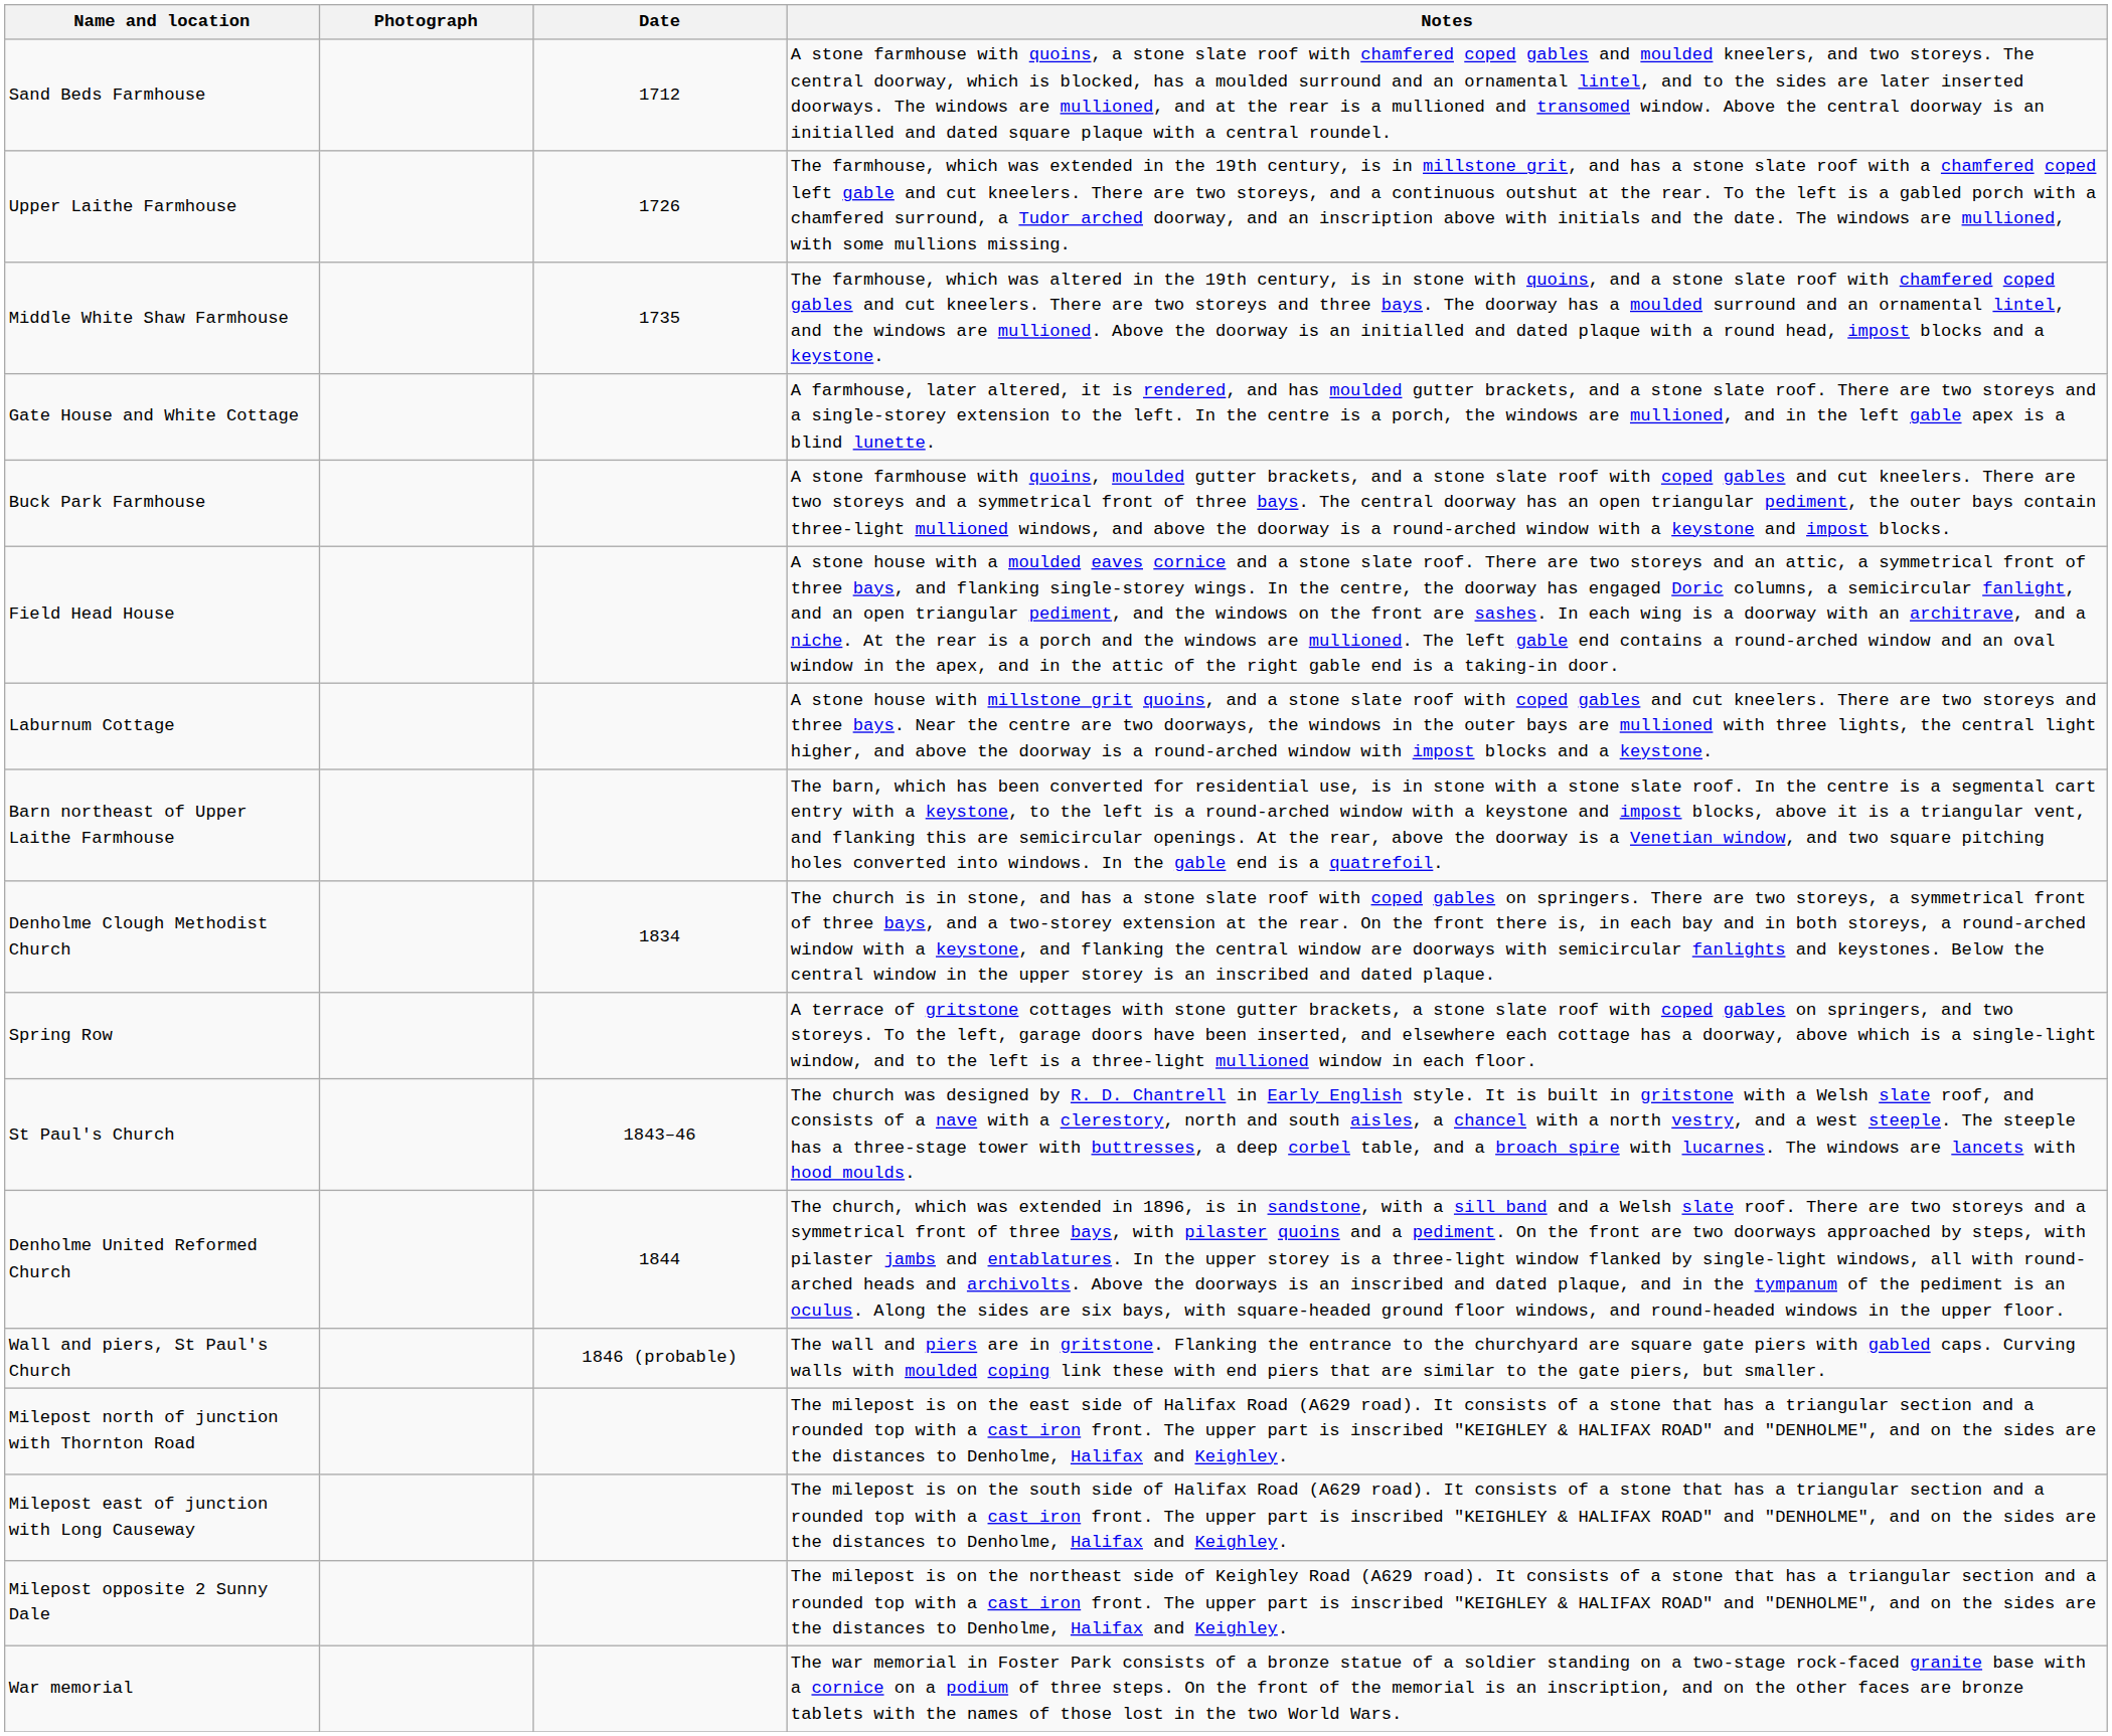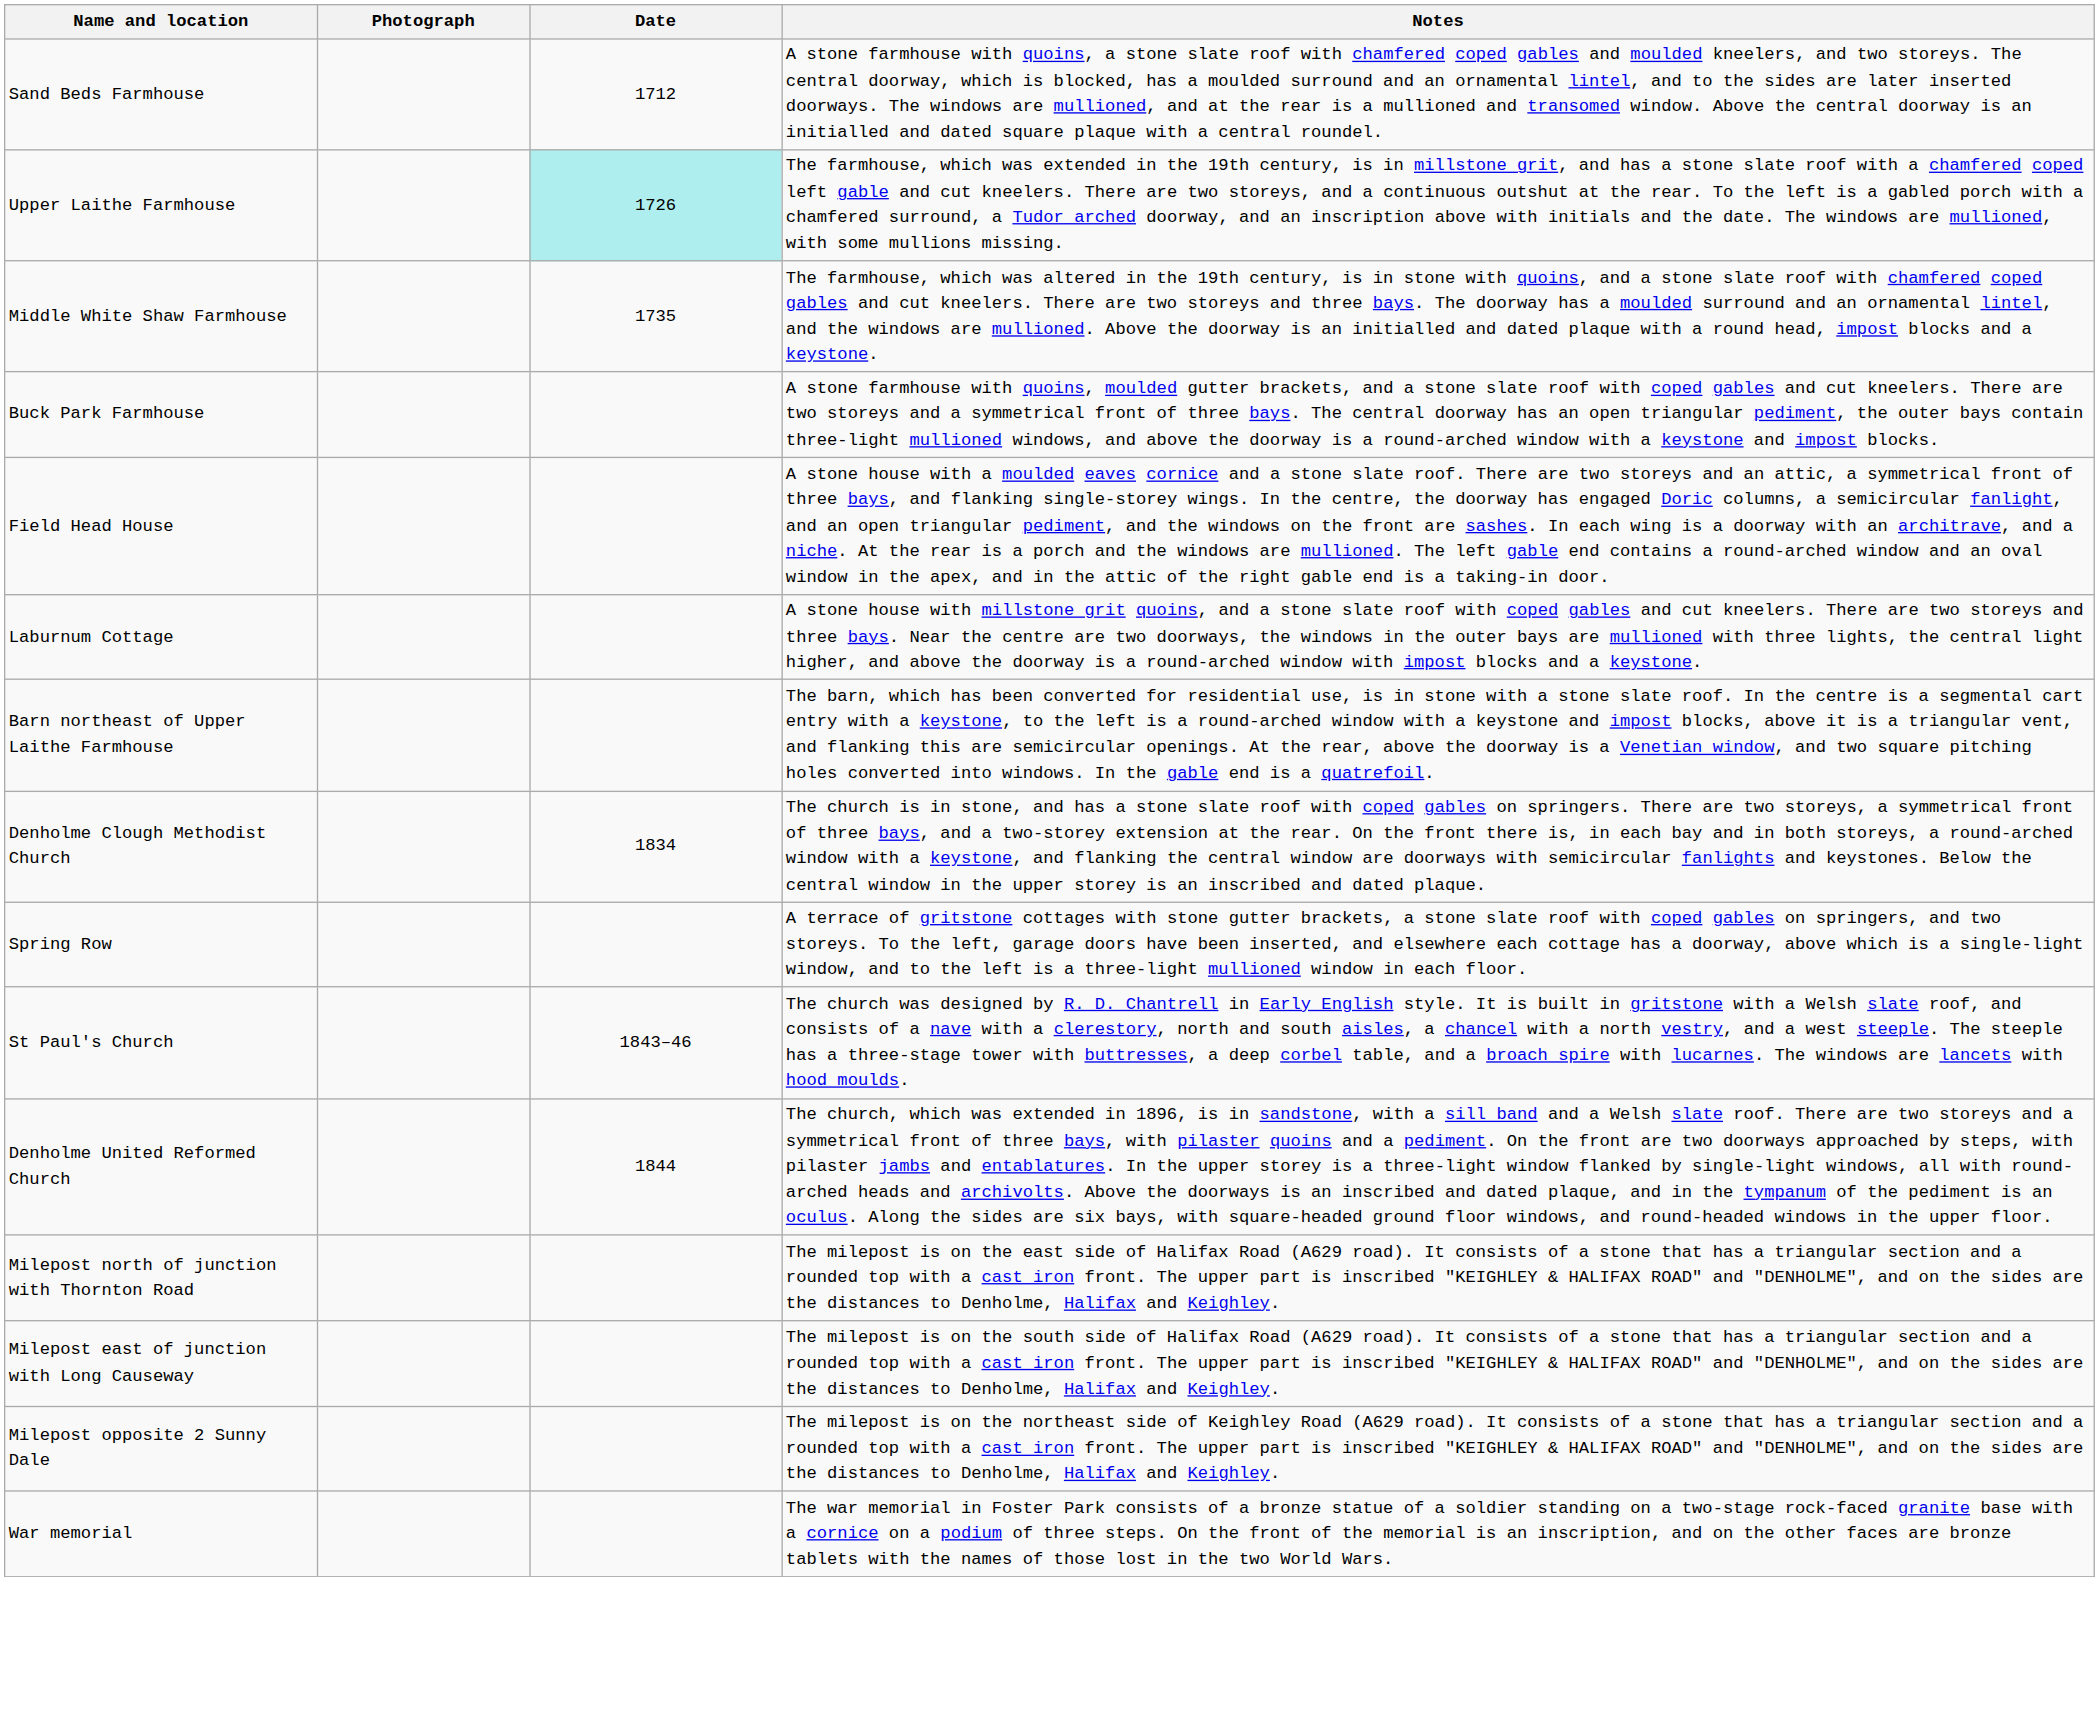 <table class="wikitable sortable plainrowheaders" style="width:100%;border:0px;text-align:left;line-height:150%;">
 <tr>
 <th scope="col"  style="width:150px">Name and location</th>
 <th scope="col"  style="width:100px" class="unsortable">Photograph</th>
 <th scope="col"  style="width:120px">Date</th>
 <th scope="col"  style="width:650px" class="unsortable">Notes</th>
 </tr>
 <tr>
 <td>Sand Beds Farmhouse<br><small></small></td>
 <td></td>
 <td align="center">1712</td>
 <td>A stone farmhouse with <a href='#'>quoins</a>, a stone slate roof with <a href='#'>chamfered</a> <a href='#'>coped</a> <a href='#'>gables</a> and <a href='#'>moulded</a> kneelers, and two storeys.  The central doorway, which is blocked, has a moulded surround and an ornamental <a href='#'>lintel</a>, and to the sides are later inserted doorways.  The windows are <a href='#'>mullioned</a>, and at the rear is a mullioned and <a href='#'>transomed</a> window.  Above the central doorway is an initialled and dated square plaque with a central roundel.</td>
 </tr>
 <tr>
 <td>Upper Laithe Farmhouse<br><small></small></td>
 <td></td>
-<td align="center">1726</td>
+<td align="center" style="background: paleturquoise;">1726</td>
 <td>The farmhouse, which was extended in the 19th century, is in <a href='#'>millstone grit</a>, and has a stone slate roof with a <a href='#'>chamfered</a> <a href='#'>coped</a> left <a href='#'>gable</a> and cut kneelers.  There are two storeys, and a continuous outshut at the rear.  To the left is a gabled porch with a chamfered surround, a <a href='#'>Tudor arched</a> doorway, and an inscription above with initials and the date.  The windows are <a href='#'>mullioned</a>, with some mullions missing.</td>
 </tr>
 <tr>
 <td>Middle White Shaw Farmhouse<br><small></small></td>
 <td></td>
 <td align="center">1735</td>
 <td>The farmhouse, which was altered in the 19th century, is in stone with <a href='#'>quoins</a>, and a stone slate roof with <a href='#'>chamfered</a> <a href='#'>coped</a> <a href='#'>gables</a> and cut kneelers.  There are two storeys and three <a href='#'>bays</a>.  The doorway has a <a href='#'>moulded</a> surround and an ornamental <a href='#'>lintel</a>, and the windows are <a href='#'>mullioned</a>.  Above the doorway is an initialled and dated plaque with a round head, <a href='#'>impost</a> blocks and a <a href='#'>keystone</a>.</td>
-</tr>
-<tr>
-<td>Gate House and White Cottage<br><small></small></td>
-<td></td>
-<td align="center"></td>
-<td>A farmhouse, later altered, it is <a href='#'>rendered</a>, and has <a href='#'>moulded</a> gutter brackets, and a stone slate roof.  There are two storeys and a single-storey extension to the left.  In the centre is a porch, the windows are <a href='#'>mullioned</a>, and in the left <a href='#'>gable</a> apex is a blind <a href='#'>lunette</a>.</td>
 </tr>
 <tr>
 <td>Buck Park Farmhouse<br><small></small></td>
 <td></td>
 <td align="center"></td>
 <td>A stone farmhouse with <a href='#'>quoins</a>, <a href='#'>moulded</a> gutter brackets, and a stone slate roof with <a href='#'>coped</a> <a href='#'>gables</a> and cut kneelers.  There are two storeys and a symmetrical front of three <a href='#'>bays</a>.  The central doorway has an open triangular <a href='#'>pediment</a>, the outer bays contain three-light <a href='#'>mullioned</a> windows, and above the doorway is a round-arched window with a <a href='#'>keystone</a> and <a href='#'>impost</a> blocks.</td>
 </tr>
 <tr>
 <td>Field Head House<br><small></small></td>
 <td></td>
 <td align="center"></td>
 <td>A stone house with a <a href='#'>moulded</a> <a href='#'>eaves</a> <a href='#'>cornice</a> and a stone slate roof.  There are two storeys and an attic, a symmetrical front of three <a href='#'>bays</a>, and flanking single-storey wings.  In the centre, the doorway has engaged <a href='#'>Doric</a> columns, a semicircular <a href='#'>fanlight</a>, and an open triangular <a href='#'>pediment</a>, and the windows on the front are <a href='#'>sashes</a>.  In each wing is a doorway with an <a href='#'>architrave</a>, and a <a href='#'>niche</a>.  At the rear is a porch and the windows are <a href='#'>mullioned</a>.  The left <a href='#'>gable</a> end contains a round-arched window and an oval window in the apex, and in the attic of the right gable end is a taking-in door.</td>
 </tr>
 <tr>
 <td>Laburnum Cottage<br><small></small></td>
 <td></td>
 <td align="center"></td>
 <td>A stone house with <a href='#'>millstone grit</a> <a href='#'>quoins</a>, and a stone slate roof with <a href='#'>coped</a> <a href='#'>gables</a> and cut kneelers.  There are two storeys and three <a href='#'>bays</a>.  Near the centre are two doorways, the windows in the outer bays are <a href='#'>mullioned</a> with three lights, the central light higher, and above the doorway is a round-arched window with <a href='#'>impost</a> blocks and a <a href='#'>keystone</a>.</td>
 </tr>
 <tr>
 <td>Barn northeast of Upper Laithe Farmhouse<br><small></small></td>
 <td></td>
 <td align="center"></td>
 <td>The barn, which has been converted for residential use, is in stone with a stone slate roof.  In the centre is a segmental cart entry with a <a href='#'>keystone</a>, to the left is a round-arched window with a keystone and <a href='#'>impost</a> blocks, above it is a triangular vent, and flanking this are semicircular openings.  At the rear, above the doorway is a <a href='#'>Venetian window</a>, and two square pitching holes converted into windows.  In the <a href='#'>gable</a> end is a <a href='#'>quatrefoil</a>.</td>
 </tr>
 <tr>
 <td>Denholme Clough Methodist Church<br><small></small></td>
 <td></td>
 <td align="center">1834</td>
 <td>The church is in stone, and has a stone slate roof with <a href='#'>coped</a> <a href='#'>gables</a> on springers.  There are two storeys, a symmetrical front of three <a href='#'>bays</a>, and a two-storey extension at the rear.  On the front there is, in each bay and in both storeys, a round-arched window with a <a href='#'>keystone</a>, and flanking the central window are doorways with semicircular <a href='#'>fanlights</a> and keystones.  Below the central window in the upper storey is an inscribed and dated plaque.</td>
 </tr>
 <tr>
 <td>Spring Row<br><small></small></td>
 <td></td>
 <td align="center"></td>
 <td>A terrace of <a href='#'>gritstone</a> cottages with stone gutter brackets, a stone slate roof with <a href='#'>coped</a> <a href='#'>gables</a> on springers, and two storeys.  To the left, garage doors have been inserted, and elsewhere each cottage has a doorway, above which is a single-light window, and to the left is a three-light <a href='#'>mullioned</a> window in each floor.</td>
 </tr>
 <tr>
 <td>St Paul's Church<br><small></small></td>
 <td></td>
 <td align="center">1843–46</td>
 <td>The church was designed by <a href='#'>R. D. Chantrell</a> in <a href='#'>Early English</a> style.  It is built in <a href='#'>gritstone</a> with a Welsh <a href='#'>slate</a> roof, and consists of a <a href='#'>nave</a> with a <a href='#'>clerestory</a>, north and south <a href='#'>aisles</a>, a <a href='#'>chancel</a> with a north <a href='#'>vestry</a>, and a west <a href='#'>steeple</a>.  The steeple has a three-stage tower with <a href='#'>buttresses</a>, a deep <a href='#'>corbel</a> table, and a <a href='#'>broach spire</a> with <a href='#'>lucarnes</a>.  The windows are <a href='#'>lancets</a> with <a href='#'>hood moulds</a>.</td>
 </tr>
 <tr>
 <td>Denholme United Reformed Church<br><small></small></td>
 <td></td>
 <td align="center">1844</td>
 <td>The church, which was extended in 1896, is in <a href='#'>sandstone</a>, with a <a href='#'>sill band</a> and a Welsh <a href='#'>slate</a> roof.  There are two storeys and a symmetrical front of three <a href='#'>bays</a>, with <a href='#'>pilaster</a> <a href='#'>quoins</a> and a <a href='#'>pediment</a>.  On the front are two doorways approached by steps, with pilaster <a href='#'>jambs</a> and <a href='#'>entablatures</a>.  In the upper storey is a three-light window flanked by single-light windows, all with round-arched heads and <a href='#'>archivolts</a>.  Above the doorways is an inscribed and dated plaque, and in the <a href='#'>tympanum</a> of the pediment is an <a href='#'>oculus</a>.  Along the sides are six bays, with square-headed ground floor windows, and round-headed windows in the upper floor.</td>
 </tr>
 <tr>
-<td>Wall and piers, St Paul's Church<br><small></small></td>
-<td></td>
-<td align="center">1846 (probable)</td>
-<td>The wall and <a href='#'>piers</a> are in <a href='#'>gritstone</a>.  Flanking the entrance to the churchyard are square gate piers with <a href='#'>gabled</a> caps.  Curving walls with <a href='#'>moulded</a> <a href='#'>coping</a> link these with end piers that are similar to the gate piers, but smaller.</td>
-</tr>
-<tr>
 <td>Milepost north of junction with Thornton Road<br><small></small></td>
 <td></td>
 <td align="center"></td>
 <td>The milepost is on the east side of Halifax Road (A629 road).  It consists of a stone that has a triangular section and a rounded top with a <a href='#'>cast iron</a> front.  The upper part is inscribed "KEIGHLEY & HALIFAX ROAD" and "DENHOLME", and on the sides are the distances to Denholme, <a href='#'>Halifax</a> and <a href='#'>Keighley</a>.</td>
 </tr>
 <tr>
 <td>Milepost east of junction with Long Causeway<br><small></small></td>
 <td></td>
 <td align="center"></td>
 <td>The milepost is on the south side of Halifax Road (A629 road).  It consists of a stone that has a triangular section and a rounded top with a <a href='#'>cast iron</a> front.  The upper part is inscribed "KEIGHLEY & HALIFAX ROAD" and "DENHOLME", and on the sides are the distances to Denholme, <a href='#'>Halifax</a> and <a href='#'>Keighley</a>.</td>
 </tr>
 <tr>
 <td>Milepost opposite 2 Sunny Dale<br><small></small></td>
 <td></td>
 <td align="center"></td>
 <td>The milepost is on the northeast side of Keighley Road (A629 road).  It consists of a stone that has a triangular section and a rounded top with a <a href='#'>cast iron</a> front.  The upper part is inscribed "KEIGHLEY & HALIFAX ROAD" and "DENHOLME", and on the sides are the distances to Denholme, <a href='#'>Halifax</a> and <a href='#'>Keighley</a>.</td>
 </tr>
 <tr>
 <td>War memorial<br><small></small></td>
 <td></td>
 <td align="center"></td>
 <td>The war memorial in Foster Park consists of a bronze statue of a soldier standing on a two-stage rock-faced <a href='#'>granite</a> base with a <a href='#'>cornice</a> on a <a href='#'>podium</a> of three steps.  On the front of the memorial is an inscription, and on the other faces are bronze tablets with the names of those lost in the two World Wars.</td>
 </tr>
 <tr>
 </tr>
 </table>
